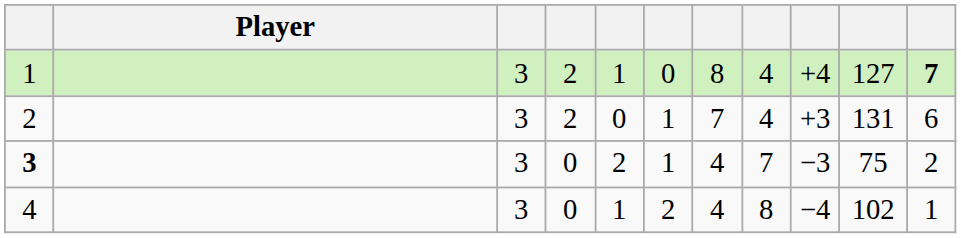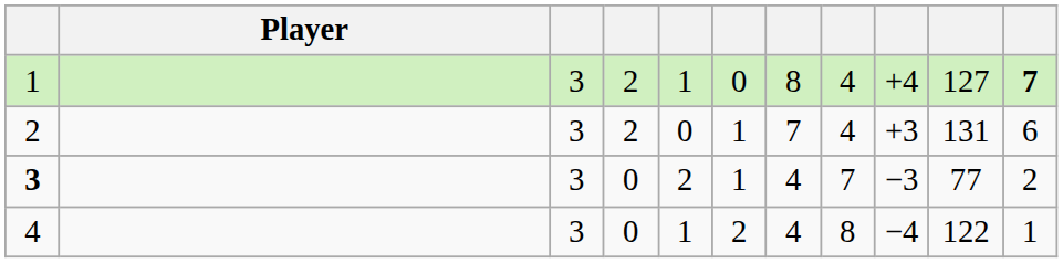 <table class="wikitable" style="text-align:center; margin: 1em auto 1em auto, align:left">
 <tr>
 <th width=20></th>
 <th width=240>Player</th>
 <th width=20></th>
 <th width=20></th>
 <th width=20></th>
 <th width=20></th>
 <th width=20></th>
 <th width=20></th>
 <th width=20></th>
 <th width=30></th>
 <th width=20></th>
 </tr>
 <tr style="background:#D0F0C0;">
 <td>1</td>
 <td align=left></td>
 <td>3</td>
 <td>2</td>
 <td>1</td>
 <td>0</td>
 <td>8</td>
 <td>4</td>
 <td>+4</td>
 <td>127</td>
 <td><strong>7</strong></td>
 </tr>
 <tr style=>
 <td>2</td>
 <td align=left></td>
 <td>3</td>
 <td>2</td>
 <td>0</td>
 <td>1</td>
 <td>7</td>
 <td>4</td>
 <td>+3</td>
 <td>131</td>
 <td>6</td>
 </tr>
 <tr style=>
 <td><strong>3</strong></td>
 <td align=left></td>
 <td>3</td>
 <td>0</td>
 <td>2</td>
 <td>1</td>
 <td>4</td>
 <td>7</td>
 <td>−3</td>
-<td>75</td>
+<td>77</td>
 <td>2</td>
 </tr>
 <tr style=>
 <td>4</td>
 <td align=left></td>
 <td>3</td>
 <td>0</td>
 <td>1</td>
 <td>2</td>
 <td>4</td>
 <td>8</td>
 <td>−4</td>
-<td>102</td>
+<td>122</td>
 <td>1</td>
 </tr>
 </table>
